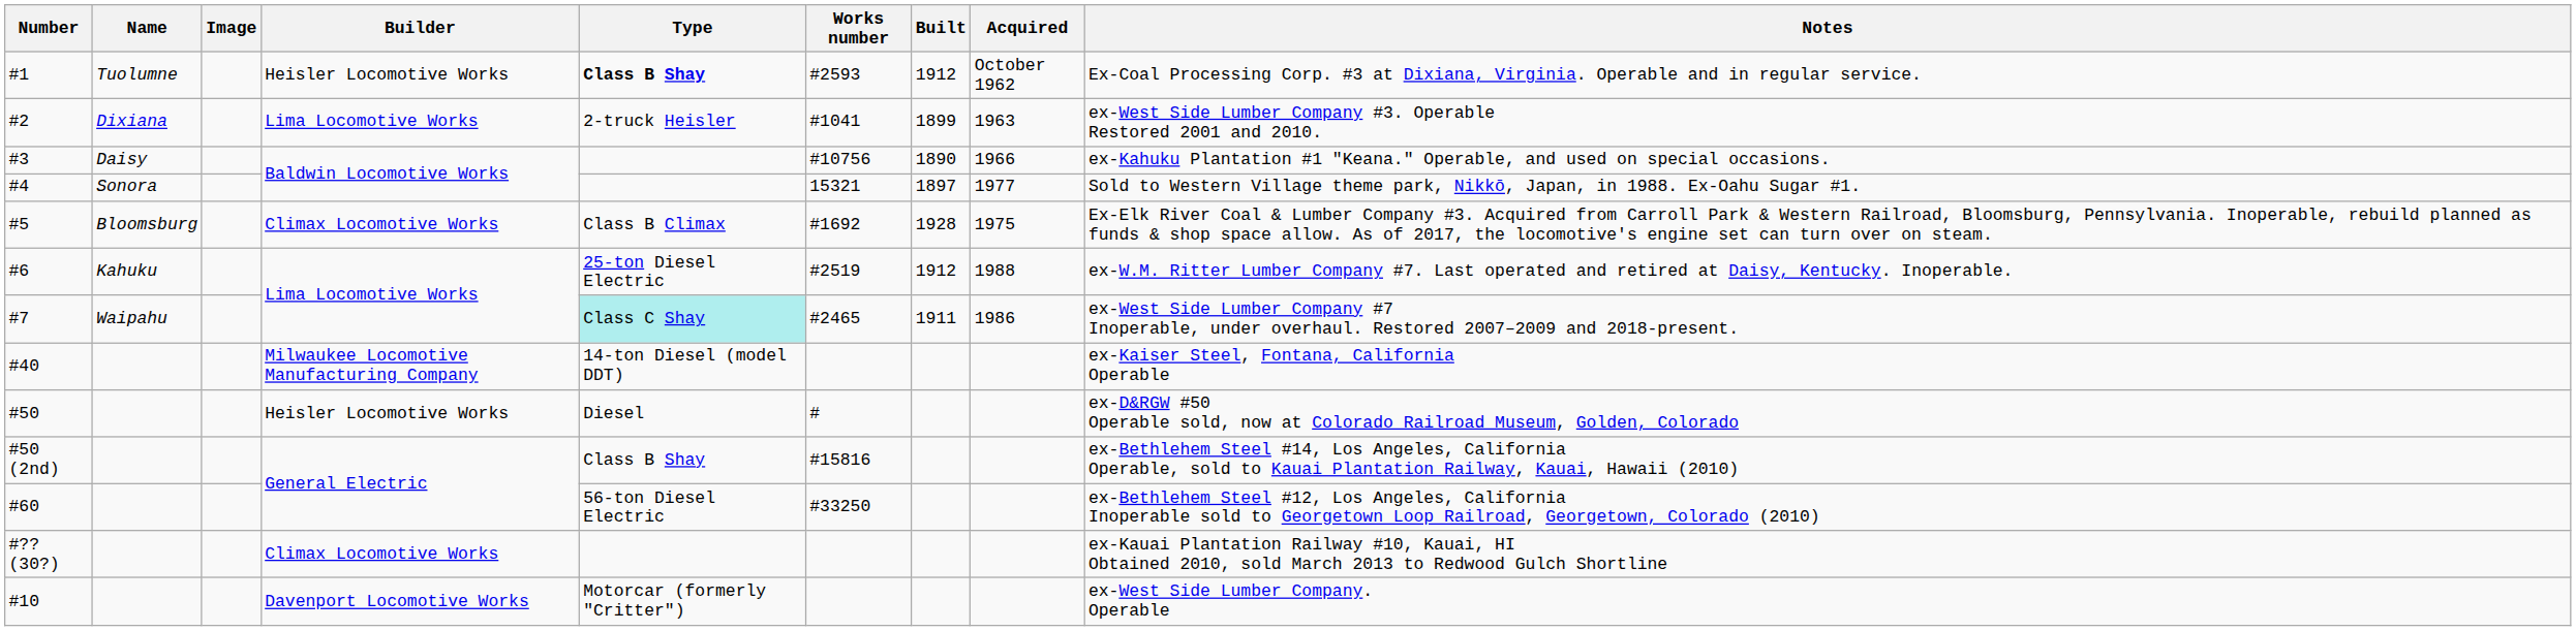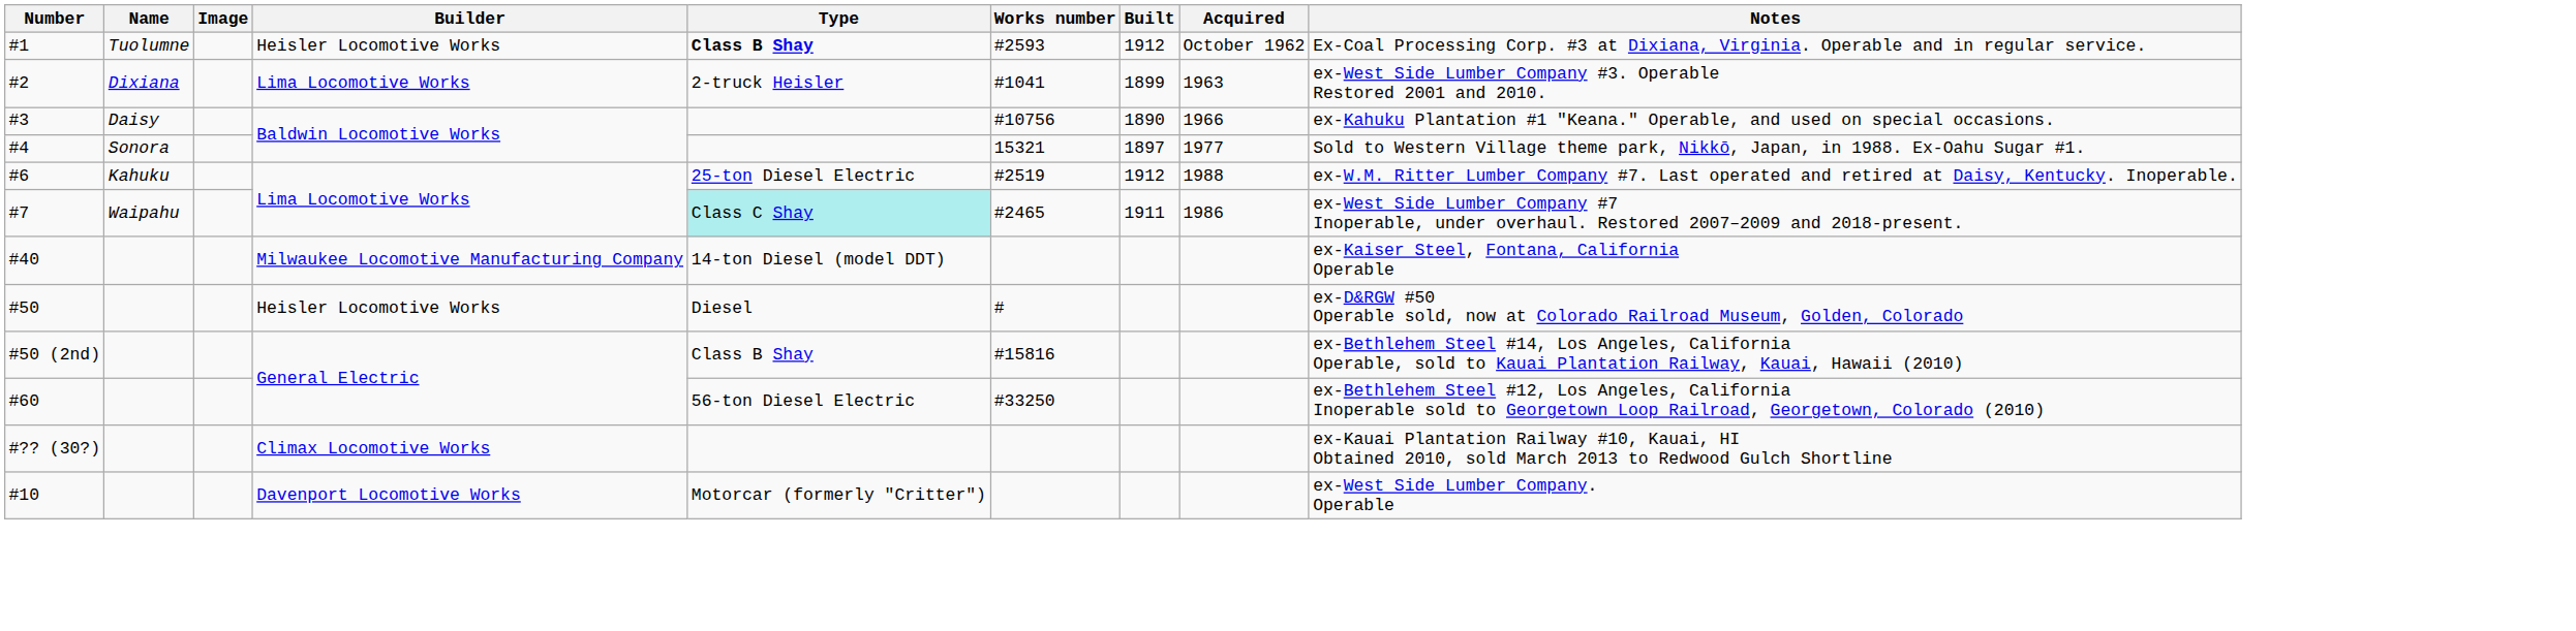 <table class="wikitable sortable">
 <tr>
 <th>Number</th>
 <th>Name</th>
 <th>Image</th>
 <th>Builder</th>
 <th>Type</th>
 <th>Works number</th>
 <th>Built</th>
 <th>Acquired</th>
 <th>Notes</th>
 </tr>
 <tr>
 <td>#1</td>
 <td><em>Tuolumne</em></td>
 <td></td>
 <td>Heisler Locomotive Works</td>
 <td><strong>Class B <a href='#'>Shay</a></strong></td>
 <td>#2593</td>
 <td>1912</td>
 <td>October 1962</td>
 <td>Ex-Coal Processing Corp. #3 at <a href='#'>Dixiana, Virginia</a>. Operable and in regular service.</td>
 </tr>
 <tr>
 <td>#2</td>
 <td><em><a href='#'>Dixiana</a></em></td>
 <td></td>
 <td><a href='#'>Lima Locomotive Works</a></td>
 <td>2-truck <a href='#'>Heisler</a></td>
 <td>#1041</td>
 <td>1899</td>
 <td>1963</td>
 <td>ex-<a href='#'>West Side Lumber Company</a> #3. Operable<br>Restored 2001 and 2010.</td>
 </tr>
 <tr>
 <td>#3</td>
 <td><em>Daisy</em></td>
 <td></td>
 <td rowspan="2"><a href='#'>Baldwin Locomotive Works</a></td>
 <td></td>
 <td>#10756</td>
 <td>1890</td>
 <td>1966</td>
 <td>ex-<a href='#'>Kahuku</a> Plantation #1 "Keana."  Operable, and used on special occasions.</td>
 </tr>
 <tr>
 <td>#4</td>
 <td><em>Sonora</em></td>
 <td></td>
 <td></td>
 <td>15321</td>
 <td>1897</td>
 <td>1977</td>
 <td>Sold to Western Village theme park, <a href='#'>Nikkō</a>, Japan, in 1988.  Ex-Oahu Sugar #1.</td>
-</tr>
-<tr>
-<td>#5</td>
-<td><em>Bloomsburg</em></td>
-<td></td>
-<td><a href='#'>Climax Locomotive Works</a></td>
-<td>Class B <a href='#'>Climax</a></td>
-<td>#1692</td>
-<td>1928</td>
-<td>1975</td>
-<td>Ex-Elk River Coal & Lumber Company #3. Acquired from Carroll Park & Western Railroad, Bloomsburg, Pennsylvania.  Inoperable, rebuild planned as funds & shop space allow. As of 2017, the locomotive's engine set can turn over on steam.</td>
 </tr>
 <tr>
 <td>#6</td>
 <td><em>Kahuku</em></td>
 <td></td>
 <td rowspan="2"><a href='#'>Lima Locomotive Works</a></td>
 <td><a href='#'>25-ton</a> Diesel Electric</td>
 <td>#2519</td>
 <td>1912</td>
 <td>1988</td>
 <td>ex-<a href='#'>W.M. Ritter Lumber Company</a> #7.  Last operated and retired at <a href='#'>Daisy, Kentucky</a>. Inoperable.</td>
 </tr>
 <tr>
 <td>#7</td>
 <td><em>Waipahu</em></td>
 <td></td>
 <td style="background: paleturquoise;">Class C <a href='#'>Shay</a></td>
 <td>#2465</td>
 <td>1911</td>
 <td>1986</td>
 <td>ex-<a href='#'>West Side Lumber Company</a> #7<br>Inoperable, under overhaul. Restored 2007–2009 and 2018-present.</td>
 </tr>
 <tr>
 <td>#40</td>
 <td></td>
 <td></td>
 <td><a href='#'>Milwaukee Locomotive Manufacturing Company</a></td>
 <td>14-ton Diesel (model DDT)</td>
 <td></td>
 <td></td>
 <td></td>
 <td>ex-<a href='#'>Kaiser Steel</a>, <a href='#'>Fontana, California</a><br>Operable</td>
 </tr>
 <tr>
 <td>#50</td>
 <td></td>
 <td></td>
 <td>Heisler Locomotive Works</td>
 <td>Diesel</td>
 <td>#</td>
 <td></td>
 <td></td>
 <td>ex-<a href='#'>D&RGW</a> #50<br>Operable sold, now at <a href='#'>Colorado Railroad Museum</a>, <a href='#'>Golden, Colorado</a></td>
 </tr>
 <tr>
 <td>#50 (2nd)</td>
 <td></td>
 <td></td>
 <td rowspan="2"><a href='#'>General Electric</a></td>
 <td>Class B <a href='#'>Shay</a></td>
 <td>#15816</td>
 <td></td>
 <td></td>
 <td>ex-<a href='#'>Bethlehem Steel</a> #14, Los Angeles, California<br>Operable, sold to <a href='#'>Kauai Plantation Railway</a>, <a href='#'>Kauai</a>, Hawaii (2010)</td>
 </tr>
 <tr>
 <td>#60</td>
 <td></td>
 <td></td>
 <td>56-ton Diesel Electric</td>
 <td>#33250</td>
 <td></td>
 <td></td>
 <td>ex-<a href='#'>Bethlehem Steel</a> #12, Los Angeles, California<br>Inoperable sold to <a href='#'>Georgetown Loop Railroad</a>, <a href='#'>Georgetown, Colorado</a> (2010)</td>
 </tr>
 <tr>
 <td>#?? (30?)</td>
 <td></td>
 <td></td>
 <td><a href='#'>Climax Locomotive Works</a></td>
 <td></td>
 <td></td>
 <td></td>
 <td></td>
 <td>ex-Kauai Plantation Railway #10, Kauai, HI<br>Obtained 2010, sold March 2013 to Redwood Gulch Shortline</td>
 </tr>
 <tr>
 <td>#10</td>
 <td></td>
 <td></td>
 <td><a href='#'>Davenport Locomotive Works</a></td>
 <td>Motorcar (formerly "Critter")</td>
 <td></td>
 <td></td>
 <td></td>
 <td>ex-<a href='#'>West Side Lumber Company</a>.<br>Operable</td>
 </tr>
 </table>
